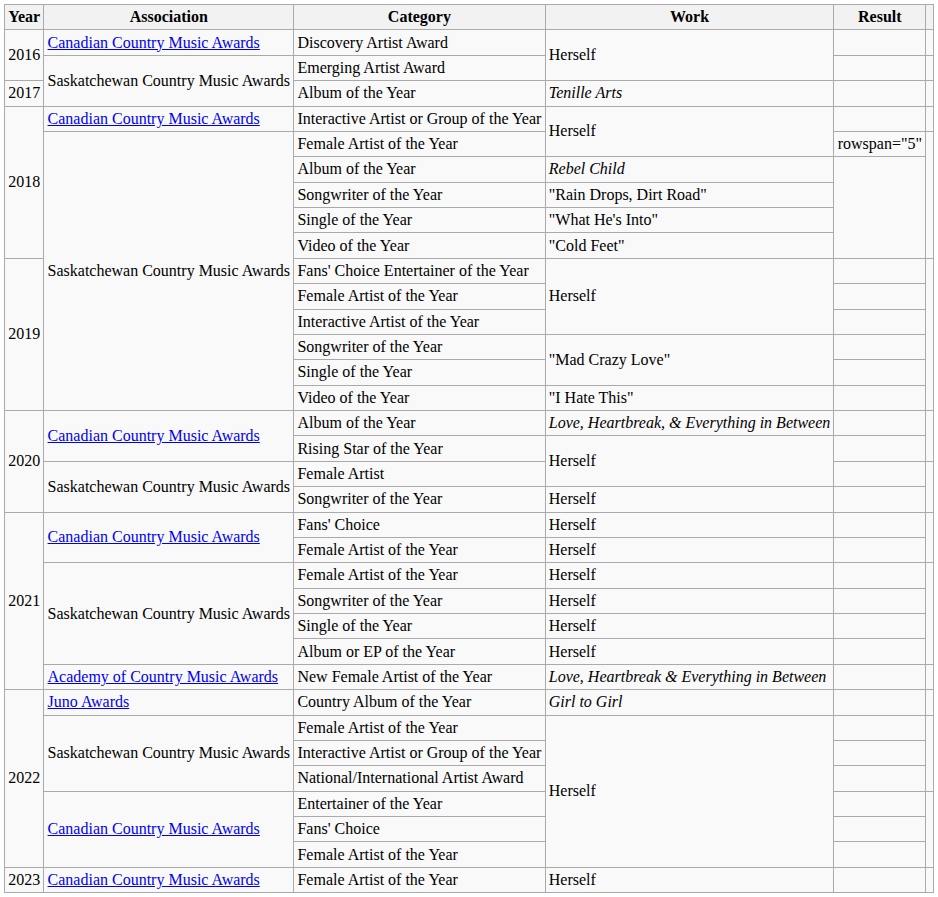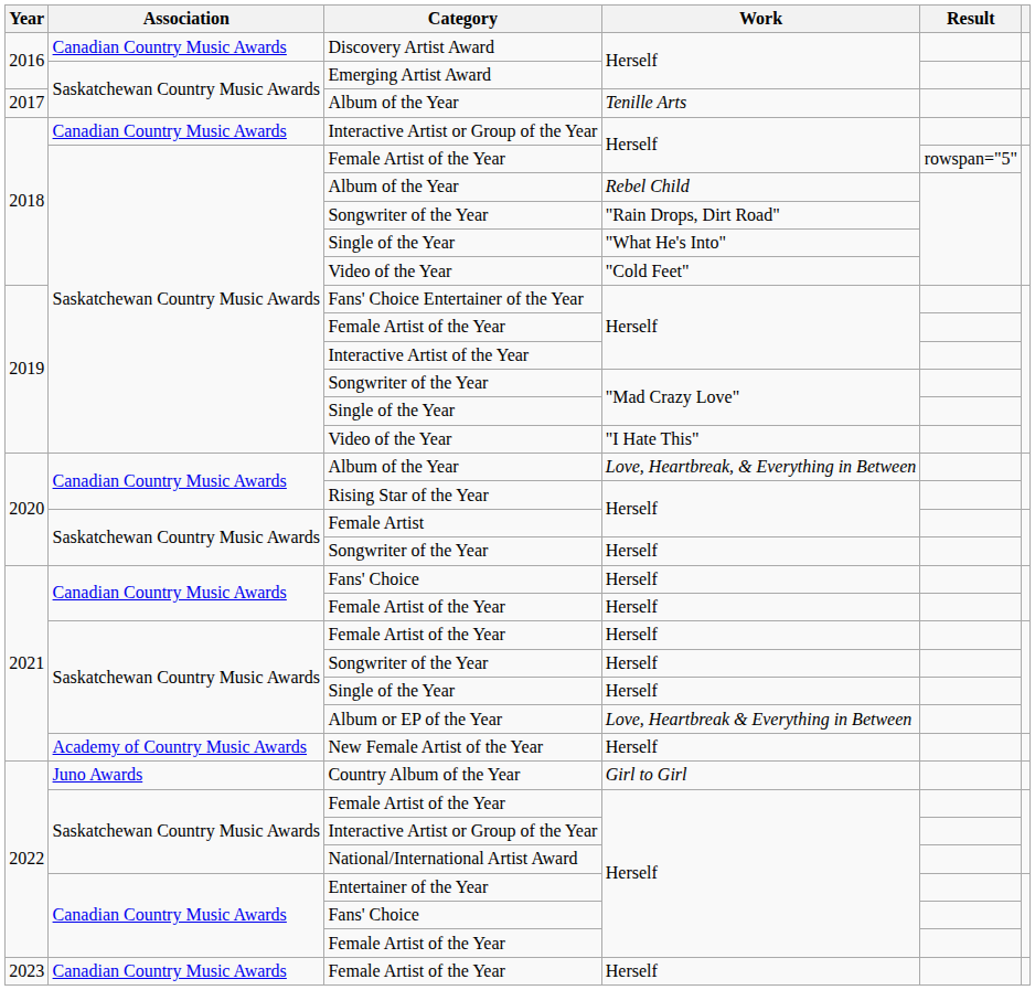 <table class="wikitable">
 <tr>
 <th>Year</th>
 <th>Association</th>
 <th>Category</th>
 <th>Work</th>
 <th>Result</th>
 <th></th>
 </tr>
 <tr>
 <td rowspan="2">2016</td>
 <td><a href='#'>Canadian Country Music Awards</a></td>
 <td>Discovery Artist Award</td>
 <td rowspan="2">Herself</td>
 <td></td>
 <td></td>
 </tr>
 <tr>
 <td rowspan="2">Saskatchewan Country Music Awards</td>
 <td>Emerging Artist Award</td>
 <td></td>
 <td></td>
 </tr>
 <tr>
 <td>2017</td>
 <td>Album of the Year</td>
 <td><em>Tenille Arts</em></td>
 <td></td>
 <td></td>
 </tr>
 <tr>
 <td rowspan="6">2018</td>
 <td><a href='#'>Canadian Country Music Awards</a></td>
 <td>Interactive Artist or Group of the Year</td>
 <td rowspan="2">Herself</td>
 <td></td>
 <td></td>
 </tr>
 <tr>
 <td rowspan="11">Saskatchewan Country Music Awards</td>
 <td>Female Artist of the Year</td>
 <td>rowspan="5" </td>
 <td rowspan="5"></td>
 </tr>
 <tr>
 <td>Album of the Year</td>
 <td><em>Rebel Child</em></td>
 </tr>
 <tr>
 <td>Songwriter of the Year</td>
 <td>"Rain Drops, Dirt Road"</td>
 </tr>
 <tr>
 <td>Single of the Year</td>
 <td>"What He's Into"</td>
 </tr>
 <tr>
 <td>Video of the Year</td>
 <td>"Cold Feet"</td>
 </tr>
 <tr>
 <td rowspan="6">2019</td>
 <td>Fans' Choice Entertainer of the Year</td>
 <td rowspan="3">Herself</td>
 <td></td>
 <td rowspan="6"></td>
 </tr>
 <tr>
 <td>Female Artist of the Year</td>
 <td></td>
 </tr>
 <tr>
 <td>Interactive Artist of the Year</td>
 <td></td>
 </tr>
 <tr>
 <td>Songwriter of the Year</td>
 <td rowspan="2">"Mad Crazy Love"</td>
 <td></td>
 </tr>
 <tr>
 <td>Single of the Year</td>
 <td></td>
 </tr>
 <tr>
 <td>Video of the Year</td>
 <td>"I Hate This"</td>
 <td></td>
 </tr>
 <tr>
 <td rowspan="4">2020</td>
 <td rowspan="2"><a href='#'>Canadian Country Music Awards</a></td>
 <td>Album of the Year</td>
 <td><em>Love, Heartbreak, & Everything in Between</em></td>
 <td></td>
 <td rowspan="2"></td>
 </tr>
 <tr>
 <td>Rising Star of the Year</td>
 <td rowspan=2>Herself</td>
 <td></td>
 </tr>
 <tr>
 <td rowspan=2>Saskatchewan Country Music Awards</td>
 <td>Female Artist</td>
 <td></td>
 <td rowspan=2></td>
 </tr>
 <tr>
 <td>Songwriter of the Year</td>
 <td>Herself<br> </td>
 <td></td>
 </tr>
 <tr>
 <td rowspan="7">2021</td>
 <td rowspan="2"><a href='#'>Canadian Country Music Awards</a></td>
 <td>Fans' Choice</td>
 <td>Herself</td>
 <td></td>
 <td rowspan="2"></td>
 </tr>
 <tr>
 <td>Female Artist of the Year</td>
 <td>Herself</td>
 <td></td>
 </tr>
 <tr>
 <td rowspan=4>Saskatchewan Country Music Awards</td>
 <td>Female Artist of the Year</td>
 <td>Herself</td>
 <td></td>
 <td rowspan=4></td>
 </tr>
 <tr>
 <td>Songwriter of the Year</td>
 <td>Herself<br> </td>
 <td></td>
 </tr>
 <tr>
 <td>Single of the Year</td>
 <td>Herself</td>
 <td></td>
 </tr>
 <tr>
 <td>Album or EP of the Year</td>
-<td>Herself</td>
+<td><em>Love, Heartbreak & Everything in Between</em></td>
 <td></td>
 </tr>
 <tr>
 <td><a href='#'>Academy of Country Music Awards</a></td>
 <td>New Female Artist of the Year</td>
-<td><em>Love, Heartbreak & Everything in Between</em></td>
+<td>Herself</td>
 <td></td>
 <td></td>
 </tr>
 <tr>
 <td rowspan="7">2022</td>
 <td><a href='#'>Juno Awards</a></td>
 <td>Country Album of the Year</td>
 <td><em>Girl to Girl</em></td>
 <td></td>
 <td></td>
 </tr>
 <tr>
 <td rowspan=3>Saskatchewan Country Music Awards</td>
 <td>Female Artist of the Year</td>
 <td rowspan=6>Herself</td>
 <td></td>
 <td rowspan=3></td>
 </tr>
 <tr>
 <td>Interactive Artist or Group of the Year</td>
 <td></td>
 </tr>
 <tr>
 <td>National/International Artist Award</td>
 <td></td>
 </tr>
 <tr>
 <td rowspan="3"><a href='#'>Canadian Country Music Awards</a></td>
 <td>Entertainer of the Year</td>
 <td></td>
 <td rowspan="3"><br></td>
 </tr>
 <tr>
 <td>Fans' Choice</td>
 <td></td>
 </tr>
 <tr>
 <td>Female Artist of the Year</td>
 <td></td>
 </tr>
 <tr>
 <td>2023</td>
 <td><a href='#'>Canadian Country Music Awards</a></td>
 <td>Female Artist of the Year</td>
 <td>Herself</td>
 <td></td>
 <td></td>
 </tr>
 </table>
